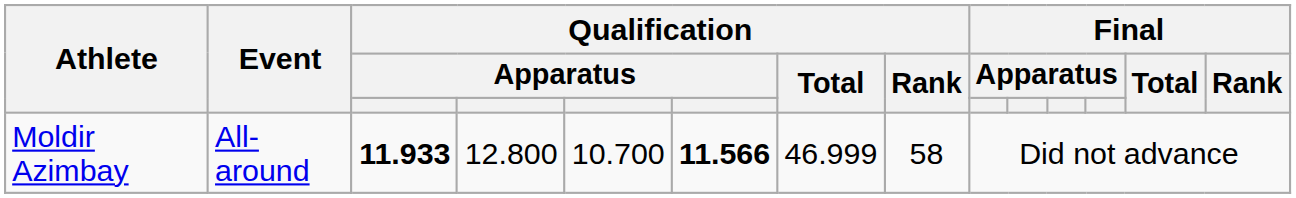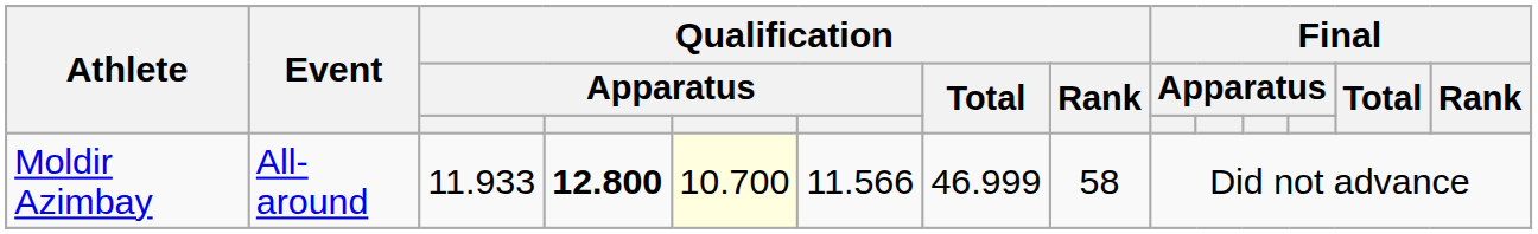 <table class="wikitable" style="font-size:90%">
 <tr>
 <th rowspan=3>Athlete</th>
 <th rowspan=3>Event</th>
 <th colspan=6>Qualification</th>
 <th colspan=6>Final</th>
 </tr>
 <tr style="font-size:95%">
 <th colspan=4>Apparatus</th>
 <th rowspan=2>Total</th>
 <th rowspan=2>Rank</th>
 <th colspan=4>Apparatus</th>
 <th rowspan=2>Total</th>
 <th rowspan=2>Rank</th>
 </tr>
 <tr style="font-size:95%">
 <th></th>
 <th></th>
 <th></th>
 <th></th>
 <th></th>
 <th></th>
 <th></th>
 <th></th>
 </tr>
 <tr align=center>
 <td align=left><a href='#'>Moldir Azimbay</a></td>
 <td align=left><a href='#'>All-around</a></td>
-<td><strong>11.933</strong></td>
-<td>12.800</td>
-<td>10.700</td>
-<td><strong>11.566</strong></td>
+<td>11.933</td>
+<td><strong>12.800</strong></td>
+<td style="background: lightyellow;">10.700</td>
+<td>11.566</td>
 <td>46.999</td>
 <td>58</td>
 <td colspan=6>Did not advance</td>
 </tr>
 </table>
